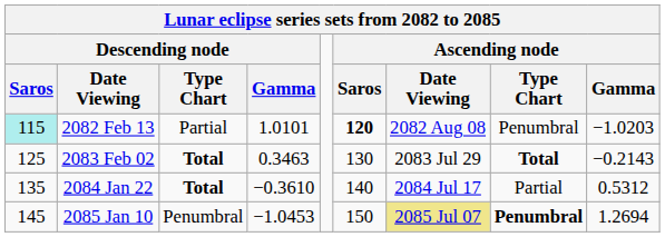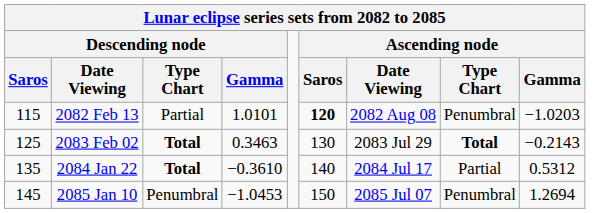 <table class="wikitable mw-collapsible mw-collapsed">
 <tr>
 <th class="nowrap" colspan="9"><a href='#'>Lunar eclipse</a> series sets from 2082 to 2085</th>
 </tr>
 <tr>
 <th scope="col" colspan="4">Descending node</th>
 <td rowspan="11"> </td>
 <th scope="col" colspan="4">Ascending node</th>
 </tr>
 <tr style="text-align: center;">
 <th scope="col"><a href='#'>Saros</a></th>
 <th scope="col">Date<br>Viewing</th>
 <th scope="col">Type<br>Chart</th>
 <th scope="col"><a href='#'>Gamma</a></th>
 <th scope="col">Saros</th>
 <th scope="col">Date<br>Viewing</th>
 <th scope="col">Type<br>Chart</th>
 <th scope="col">Gamma</th>
 </tr>
 <tr style="text-align: center;">
-<td style="background: paleturquoise;">115</td>
+<td>115</td>
 <td><a href='#'>2082 Feb 13</a><br></td>
 <td style="text-align:center;">Partial<br></td>
 <td>1.0101</td>
 <td><strong>120</strong></td>
 <td><a href='#'>2082 Aug 08</a><br></td>
 <td style="text-align:center;">Penumbral<br></td>
 <td>−1.0203</td>
 </tr>
 <tr style="text-align: center;">
 <td>125</td>
 <td style="text-align:center;vertical-align:top;"><a href='#'>2083 Feb 02</a><br></td>
 <td style="text-align:center;"><strong>Total</strong><br></td>
 <td>0.3463</td>
 <td>130</td>
 <td>2083 Jul 29<br></td>
 <td style="text-align:center;"><strong>Total</strong><br></td>
 <td>−0.2143</td>
 </tr>
 <tr style="text-align: center;">
 <td>135</td>
 <td><a href='#'>2084 Jan 22</a><br></td>
 <td style="text-align:center;"><strong>Total</strong><br></td>
 <td>−0.3610</td>
 <td>140</td>
 <td style="text-align:center;vertical-align:top;"><a href='#'>2084 Jul 17</a><br></td>
 <td style="text-align:center;">Partial<br></td>
 <td>0.5312</td>
 </tr>
 <tr style="text-align: center;">
 <td>145</td>
 <td><a href='#'>2085 Jan 10</a><br></td>
 <td style="text-align:center;">Penumbral<br></td>
 <td>−1.0453</td>
 <td>150</td>
-<td style="background: khaki;"><a href='#'>2085 Jul 07</a><br></td>
-<td style="text-align:center;"><strong>Penumbral<br></strong></td>
+<td><a href='#'>2085 Jul 07</a><br></td>
+<td style="text-align:center;">Penumbral<br></td>
 <td>1.2694</td>
 </tr>
 </table>
